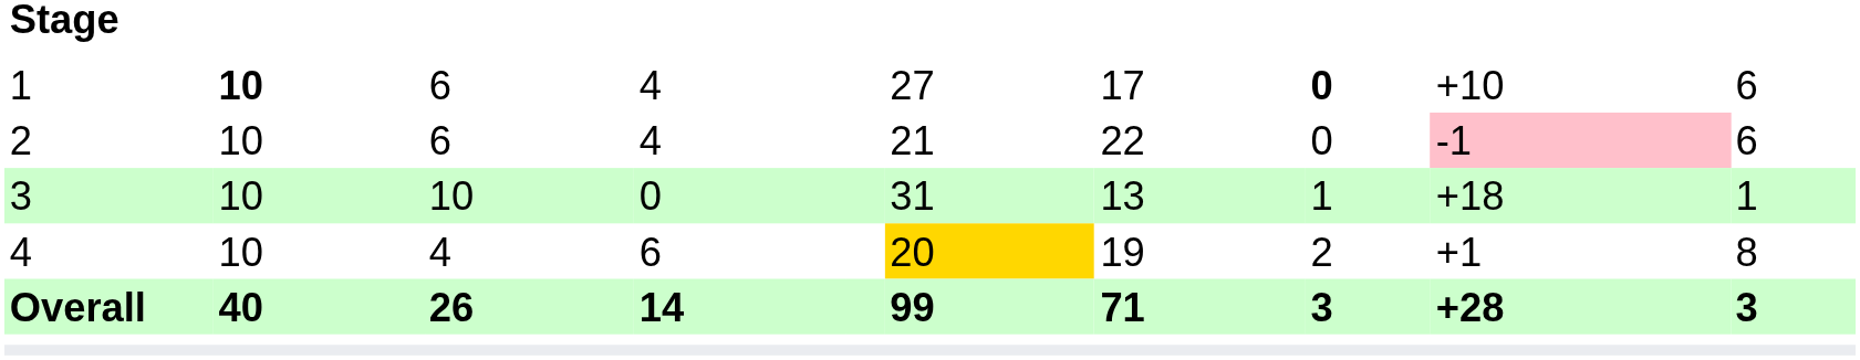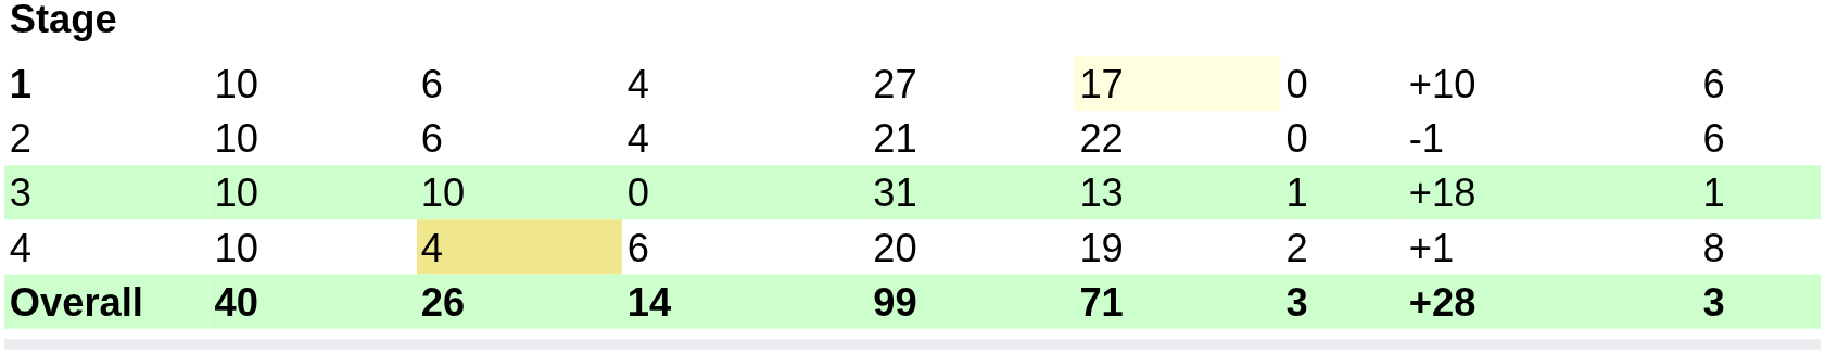 <table class="toccolours" border=0 cellpadding="2" cellspacing="0" style="font-size:95%; text-align:left; width:700px;">
 <tr align="left" style="background:#">
 <th style="width:75px">Stage</th>
 <th></th>
 <th></th>
 <th></th>
 <th></th>
 <th></th>
 <th></th>
 <th></th>
 <th></th>
 <th></th>
 </tr>
 <tr>
 <td colspan = "10"></td>
 </tr>
 <tr>
-<td>1</td>
-<td><strong>10</strong></td>
+<td><strong>1</strong></td>
+<td>10</td>
 <td>6</td>
 <td>4</td>
 <td></td>
 <td>27</td>
-<td>17</td>
-<td><strong>0</strong></td>
+<td style="background: lightyellow;">17</td>
+<td>0</td>
 <td>+10</td>
 <td>6</td>
 </tr>
 <tr>
 <td>2</td>
 <td>10</td>
 <td>6</td>
 <td>4</td>
 <td></td>
 <td>21</td>
 <td>22</td>
 <td>0</td>
-<td style="background: pink;">-1</td>
+<td>-1</td>
 <td>6</td>
 </tr>
 <tr style="background:#cfc">
 <td>3</td>
 <td>10</td>
 <td>10</td>
 <td>0</td>
 <td></td>
 <td>31</td>
 <td>13</td>
 <td>1</td>
 <td>+18</td>
 <td>1</td>
 </tr>
 <tr>
 <td>4</td>
 <td>10</td>
-<td>4</td>
+<td style="background: khaki;">4</td>
 <td>6</td>
 <td></td>
-<td style="background: gold;">20</td>
+<td>20</td>
 <td>19</td>
 <td>2</td>
 <td>+1</td>
 <td>8</td>
 </tr>
 <tr style="background-color:#cfc">
 <th>Overall</th>
 <th>40</th>
 <th>26</th>
 <th>14</th>
 <th></th>
 <th>99</th>
 <th>71</th>
 <th>3</th>
 <th>+28</th>
 <th>3</th>
 </tr>
 <tr>
 <td colspan="10"></td>
 </tr>
 <tr style="background:#EAECF0;">
 <td colspan="10" style="text-align:center;"></td>
 </tr>
 </table>
